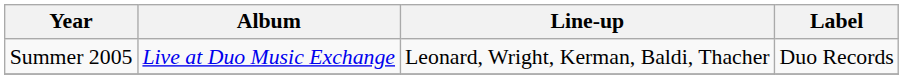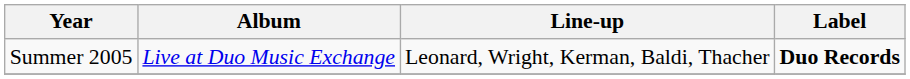 <table class="wikitable">
 <tr>
 <th align="center" valign="top"><strong>Year</strong></th>
 <th align="center" valign="top"><strong>Album</strong></th>
 <th align="center" valign="top"><strong>Line-up</strong></th>
 <th align="center" valign="top"><strong>Label</strong></th>
 </tr>
 <tr>
 <td align="center" valign="middle">Summer 2005</td>
 <td align="center" valign="middle"><em><a href='#'>Live at Duo Music Exchange</a></em></td>
 <td align="center" valign="middle">Leonard, Wright, Kerman, Baldi, Thacher</td>
-<td align="center" valign="middle">Duo Records</td>
+<td align="center" valign="middle"><strong>Duo Records</strong></td>
 </tr>
 <tr>
 </tr>
 </table>
